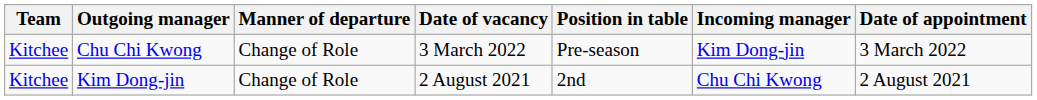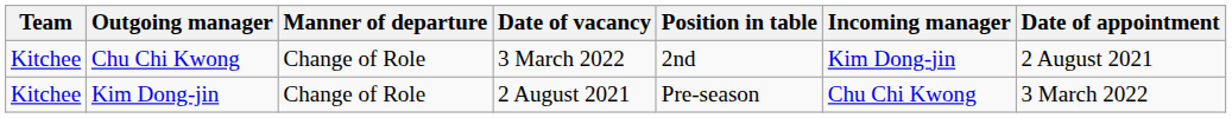 <table class="wikitable">
 <tr>
 <th>Team</th>
 <th>Outgoing manager</th>
 <th>Manner of departure</th>
 <th>Date of vacancy</th>
 <th>Position in table</th>
 <th>Incoming manager</th>
 <th>Date of appointment</th>
 </tr>
 <tr>
 <td><a href='#'>Kitchee</a></td>
 <td> <a href='#'>Chu Chi Kwong</a></td>
 <td>Change of Role</td>
 <td>3 March 2022</td>
-<td>Pre-season</td>
+<td>2nd</td>
 <td> <a href='#'>Kim Dong-jin</a></td>
-<td>3 March 2022</td>
+<td>2 August 2021</td>
 </tr>
 <tr>
 <td><a href='#'>Kitchee</a></td>
 <td> <a href='#'>Kim Dong-jin</a></td>
 <td>Change of Role</td>
 <td>2 August 2021</td>
-<td>2nd</td>
+<td>Pre-season</td>
 <td> <a href='#'>Chu Chi Kwong</a></td>
-<td>2 August 2021</td>
+<td>3 March 2022</td>
 </tr>
 </table>
